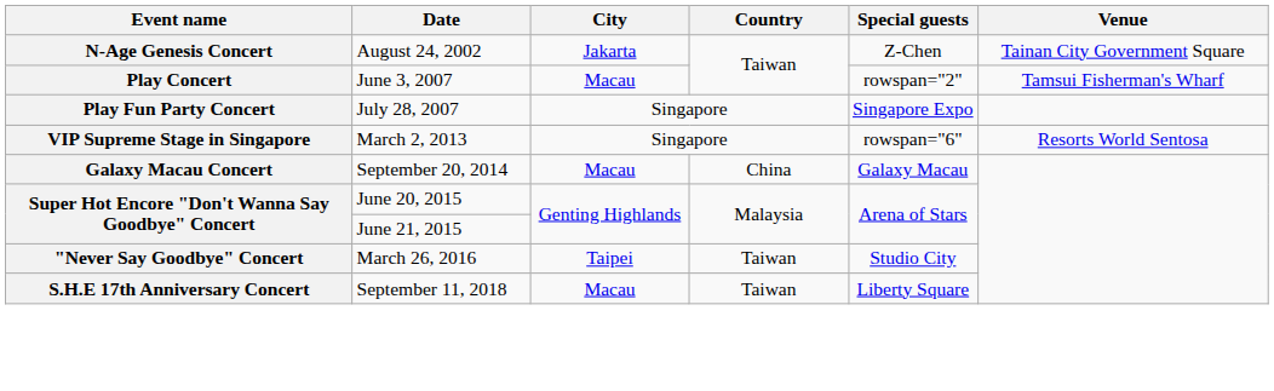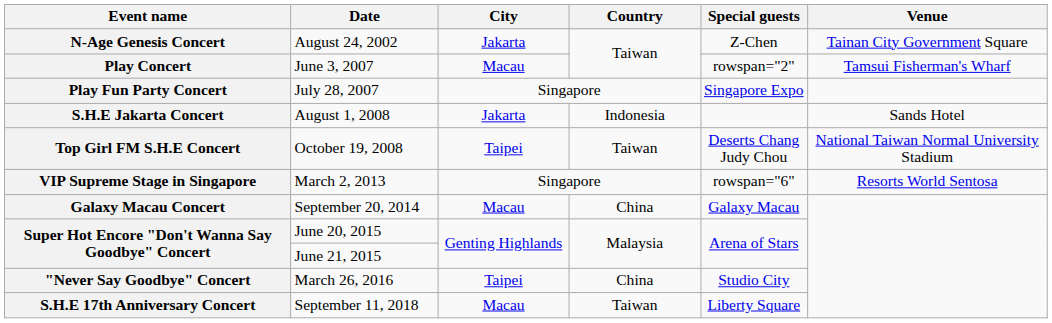 <table class="wikitable plainrowheaders" style="text-align:center;">
 <tr>
 <th scope="col" style="width:18em;">Event name</th>
 <th scope="col" style="width:9em;">Date</th>
 <th scope="col" style="width:8em;">City</th>
 <th scope="col" style="width:8em;">Country</th>
 <th>Special guests</th>
 <th scope="col" style="width:15em;">Venue</th>
 </tr>
 <tr>
 <th scope="row">N-Age Genesis Concert</th>
 <td style="text-align:left;">August 24, 2002</td>
 <td><a href='#'>Jakarta</a></td>
 <td rowspan="2">Taiwan</td>
 <td>Z-Chen</td>
 <td><a href='#'>Tainan City Government</a> Square</td>
 </tr>
 <tr>
 <th scope="row">Play Concert</th>
 <td style="text-align:left;">June 3, 2007</td>
 <td><a href='#'>Macau</a></td>
 <td>rowspan="2" </td>
 <td><a href='#'>Tamsui Fisherman's Wharf</a></td>
 </tr>
 <tr>
 <th scope="row">Play Fun Party Concert</th>
 <td style="text-align:left;">July 28, 2007</td>
 <td colspan="2">Singapore</td>
 <td><a href='#'>Singapore Expo</a></td>
 </tr>
 <tr>
+<th scope="row">S.H.E Jakarta Concert</th>
+<td style="text-align:left;">August 1, 2008</td>
+<td><a href='#'>Jakarta</a></td>
+<td>Indonesia</td>
+<td></td>
+<td>Sands Hotel</td>
+</tr>
+<tr>
+<th scope="row">Top Girl FM S.H.E Concert</th>
+<td style="text-align:left;">October 19, 2008</td>
+<td><a href='#'>Taipei</a></td>
+<td>Taiwan</td>
+<td><a href='#'>Deserts Chang</a><br>Judy Chou</td>
+<td><a href='#'>National Taiwan Normal University</a> Stadium</td>
+</tr>
+<tr>
 <th scope="row">VIP Supreme Stage in Singapore</th>
 <td style="text-align:left;">March 2, 2013</td>
 <td colspan="2">Singapore</td>
 <td>rowspan="6" </td>
 <td><a href='#'>Resorts World Sentosa</a></td>
 </tr>
 <tr>
 <th scope="row">Galaxy Macau Concert</th>
 <td style="text-align:left;">September 20, 2014</td>
 <td><a href='#'>Macau</a></td>
 <td>China</td>
 <td><a href='#'>Galaxy Macau</a></td>
 </tr>
 <tr>
 <th rowspan="2" scope="row">Super Hot Encore "Don't Wanna Say Goodbye" Concert</th>
 <td style="text-align:left;">June 20, 2015</td>
 <td rowspan="2"><a href='#'>Genting Highlands</a></td>
 <td rowspan="2">Malaysia</td>
 <td rowspan="2"><a href='#'>Arena of Stars</a></td>
 </tr>
 <tr>
 <td style="text-align:left;">June 21, 2015</td>
 </tr>
 <tr>
 <th scope="row">"Never Say Goodbye" Concert</th>
 <td style="text-align:left;">March 26, 2016</td>
 <td><a href='#'>Taipei</a></td>
-<td>Taiwan</td>
+<td>China</td>
 <td><a href='#'>Studio City</a></td>
 </tr>
 <tr>
 <th scope="row">S.H.E 17th Anniversary Concert</th>
 <td style="text-align:left;">September 11, 2018</td>
 <td><a href='#'>Macau</a></td>
 <td>Taiwan</td>
 <td><a href='#'>Liberty Square</a></td>
 </tr>
 </table>
